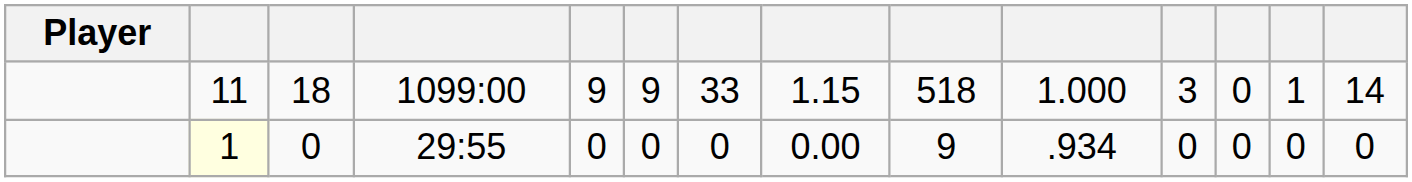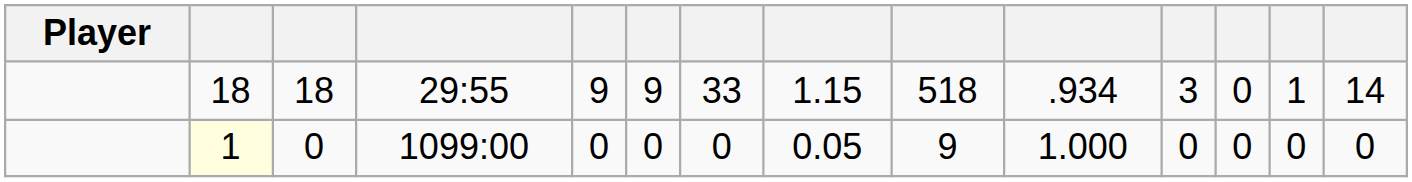 <table class="wikitable sortable" style="width:100%;">
 <tr style="text-align:center; background:#ddd;">
 <th>Player</th>
 <th></th>
 <th></th>
 <th></th>
 <th></th>
 <th></th>
 <th></th>
 <th></th>
 <th></th>
 <th></th>
 <th></th>
 <th></th>
 <th></th>
 <th></th>
 </tr>
 <tr align=center>
 <td style=white-space:nowrap></td>
-<td>11</td>
 <td>18</td>
-<td>1099:00</td>
+<td>18</td>
+<td>29:55</td>
 <td>9</td>
 <td>9</td>
 <td>33</td>
 <td>1.15</td>
 <td>518</td>
-<td>1.000</td>
+<td>.934</td>
 <td>3</td>
 <td>0</td>
 <td>1</td>
 <td>14</td>
 </tr>
 <tr align=center>
 <td style=white-space:nowrap></td>
 <td style="background: lightyellow;">1</td>
 <td>0</td>
-<td>29:55</td>
+<td>1099:00</td>
 <td>0</td>
 <td>0</td>
 <td>0</td>
-<td>0.00</td>
+<td>0.05</td>
 <td>9</td>
-<td>.934</td>
+<td>1.000</td>
 <td>0</td>
 <td>0</td>
 <td>0</td>
 <td>0</td>
 </tr>
 </table>
